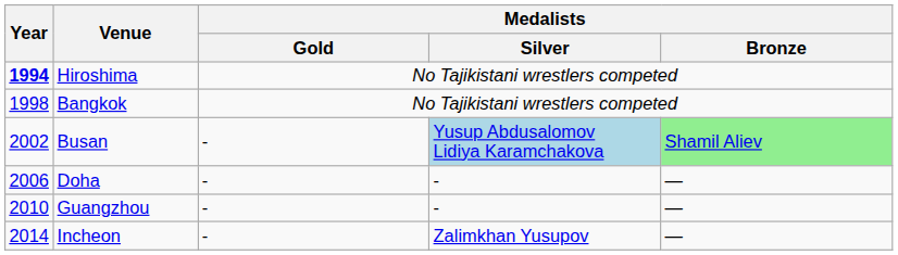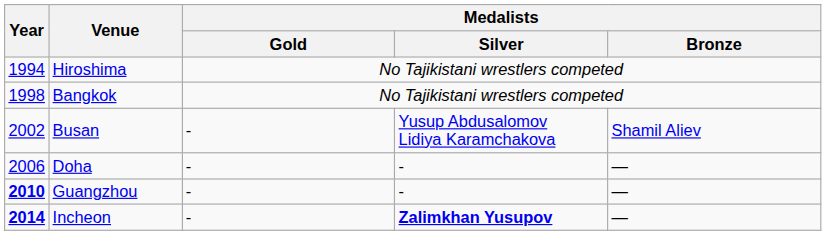 <table class="wikitable" style="text-align:left; font-size:90%">
 <tr>
 <th rowspan=2>Year</th>
 <th width=110 rowspan=2>Venue</th>
 <th colspan=3>Medalists</th>
 </tr>
 <tr>
 <th width=180 align="center">Gold</th>
 <th width=180 align="center">Silver</th>
 <th width=180 align="center">Bronze</th>
 </tr>
 <tr>
-<td><strong><a href='#'>1994</a></strong></td>
+<td><a href='#'>1994</a></td>
 <td><a href='#'>Hiroshima</a></td>
 <td align="center" colspan=3><em>No Tajikistani wrestlers competed</em></td>
 </tr>
 <tr>
 <td><a href='#'>1998</a></td>
 <td><a href='#'>Bangkok</a></td>
 <td align="center" colspan=3><em>No Tajikistani wrestlers competed</em></td>
 </tr>
 <tr>
 <td><a href='#'>2002</a></td>
 <td><a href='#'>Busan</a></td>
 <td>-</td>
-<td style="background: lightblue;"><a href='#'>Yusup Abdusalomov</a><br><a href='#'>Lidiya Karamchakova</a></td>
-<td style="background: lightgreen;"><a href='#'>Shamil Aliev</a></td>
+<td><a href='#'>Yusup Abdusalomov</a><br><a href='#'>Lidiya Karamchakova</a></td>
+<td><a href='#'>Shamil Aliev</a></td>
 </tr>
 <tr>
 <td><a href='#'>2006</a></td>
 <td><a href='#'>Doha</a></td>
 <td>-</td>
 <td>-</td>
 <td>—</td>
 </tr>
 <tr>
-<td><a href='#'>2010</a></td>
+<td><strong><a href='#'>2010</a></strong></td>
 <td><a href='#'>Guangzhou</a></td>
 <td>-</td>
 <td>-</td>
 <td>—</td>
 </tr>
 <tr>
-<td><a href='#'>2014</a></td>
+<td><strong><a href='#'>2014</a></strong></td>
 <td><a href='#'>Incheon</a></td>
 <td>-</td>
-<td><a href='#'>Zalimkhan Yusupov</a></td>
+<td><strong><a href='#'>Zalimkhan Yusupov</a></strong></td>
 <td>—</td>
 </tr>
 </table>
